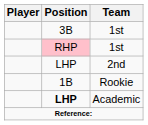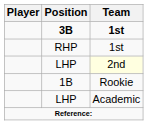 <table class="wikitable sortable sortable" style="text-align: center">
 <tr align=center>
 <th>Player</th>
 <th>Position</th>
 <th>Team</th>
 </tr>
 <tr>
 <td></td>
-<td>3B</td>
-<td>1st</td>
+<td><strong>3B</strong></td>
+<td><strong>1st</strong></td>
 </tr>
 <tr>
 <td></td>
-<td style="background: pink;">RHP</td>
+<td>RHP</td>
 <td>1st</td>
 </tr>
 <tr>
 <td></td>
 <td>LHP</td>
-<td>2nd</td>
+<td style="background: lightyellow;">2nd</td>
 </tr>
 <tr>
 <td></td>
 <td>1B</td>
 <td>Rookie</td>
 </tr>
 <tr>
 <td></td>
-<td><strong>LHP</strong></td>
+<td>LHP</td>
 <td>Academic</td>
 </tr>
 <tr class="sortbottom">
 <td colspan="4"  style="font-size:8pt; text-align:center;"><strong>Reference:</strong></td>
 </tr>
 </table>
